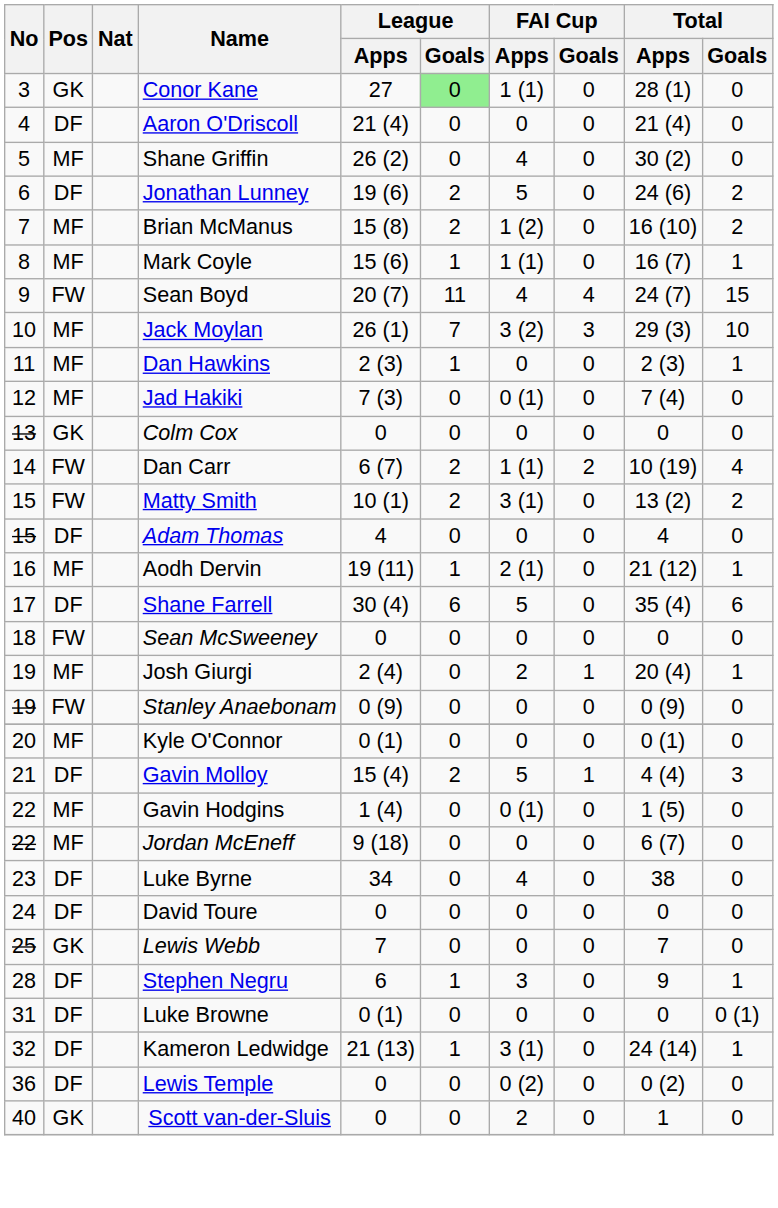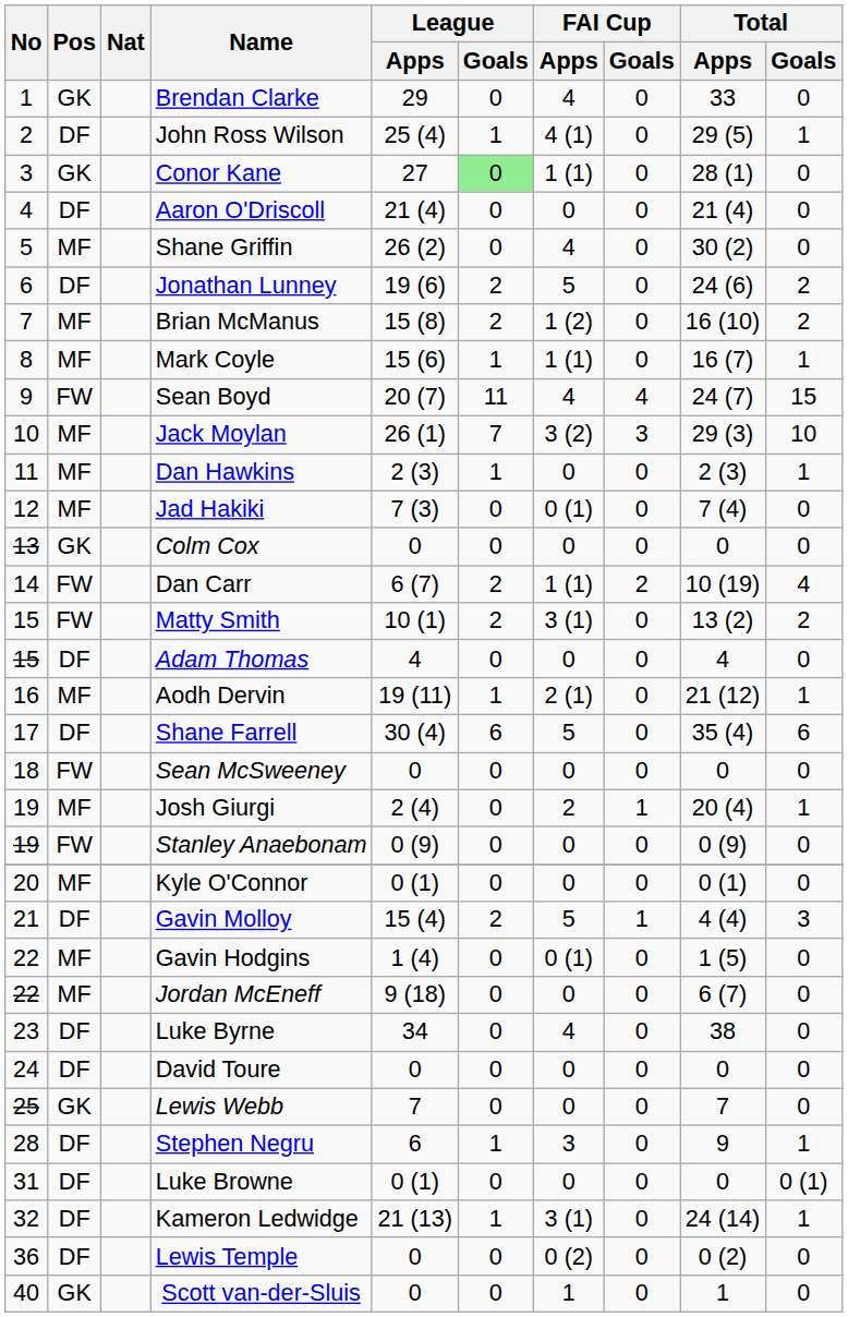 <table class="wikitable sortable" style="text-align:center">
 <tr>
 <th rowspan="2">No</th>
 <th rowspan="2">Pos</th>
 <th rowspan="2">Nat</th>
 <th rowspan="2">Name</th>
 <th colspan="2" style="width:85px;">League</th>
 <th colspan="2" style="width:85px;">FAI Cup</th>
 <th colspan="2" style="width:85px;">Total</th>
 </tr>
 <tr>
 <th>Apps</th>
 <th>Goals</th>
 <th>Apps</th>
 <th>Goals</th>
 <th>Apps</th>
 <th>Goals</th>
+</tr>
+<tr>
+<td>1</td>
+<td>GK</td>
+<td></td>
+<td style="text-align:left;"><a href='#'>Brendan Clarke</a></td>
+<td>29</td>
+<td>0</td>
+<td>4</td>
+<td>0</td>
+<td>33</td>
+<td>0</td>
+</tr>
+<tr>
+<td>2</td>
+<td>DF</td>
+<td></td>
+<td style="text-align:left;">John Ross Wilson</td>
+<td>25 (4)</td>
+<td>1</td>
+<td>4 (1)</td>
+<td>0</td>
+<td>29 (5)</td>
+<td>1</td>
 </tr>
 <tr>
 <td>3</td>
 <td>GK</td>
 <td></td>
 <td style="text-align:left;"><a href='#'>Conor Kane</a></td>
 <td>27</td>
 <td style="background: lightgreen;">0</td>
 <td>1 (1)</td>
 <td>0</td>
 <td>28 (1)</td>
 <td>0</td>
 </tr>
 <tr>
 <td>4</td>
 <td>DF</td>
 <td></td>
 <td style="text-align:left;"><a href='#'>Aaron O'Driscoll</a></td>
 <td>21 (4)</td>
 <td>0</td>
 <td>0</td>
 <td>0</td>
 <td>21 (4)</td>
 <td>0</td>
 </tr>
 <tr>
 <td>5</td>
 <td>MF</td>
 <td></td>
 <td style="text-align:left;">Shane Griffin</td>
 <td>26 (2)</td>
 <td>0</td>
 <td>4</td>
 <td>0</td>
 <td>30 (2)</td>
 <td>0</td>
 </tr>
 <tr>
 <td>6</td>
 <td>DF</td>
 <td></td>
 <td style="text-align:left;"><a href='#'>Jonathan Lunney</a></td>
 <td>19 (6)</td>
 <td>2</td>
 <td>5</td>
 <td>0</td>
 <td>24 (6)</td>
 <td>2</td>
 </tr>
 <tr>
 <td>7</td>
 <td>MF</td>
 <td></td>
 <td style="text-align:left;">Brian McManus</td>
 <td>15 (8)</td>
 <td>2</td>
 <td>1 (2)</td>
 <td>0</td>
 <td>16 (10)</td>
 <td>2</td>
 </tr>
 <tr>
 <td>8</td>
 <td>MF</td>
 <td></td>
 <td style="text-align:left;">Mark Coyle</td>
 <td>15 (6)</td>
 <td>1</td>
 <td>1 (1)</td>
 <td>0</td>
 <td>16 (7)</td>
 <td>1</td>
 </tr>
 <tr>
 <td>9</td>
 <td>FW</td>
 <td></td>
 <td style="text-align:left;">Sean Boyd</td>
 <td>20 (7)</td>
 <td>11</td>
 <td>4</td>
 <td>4</td>
 <td>24 (7)</td>
 <td>15</td>
 </tr>
 <tr>
 <td>10</td>
 <td>MF</td>
 <td></td>
 <td style="text-align:left;"><a href='#'>Jack Moylan</a></td>
 <td>26 (1)</td>
 <td>7</td>
 <td>3 (2)</td>
 <td>3</td>
 <td>29 (3)</td>
 <td>10</td>
 </tr>
 <tr>
 <td>11</td>
 <td>MF</td>
 <td></td>
 <td style="text-align:left;"><a href='#'>Dan Hawkins</a></td>
 <td>2 (3)</td>
 <td>1</td>
 <td>0</td>
 <td>0</td>
 <td>2 (3)</td>
 <td>1</td>
 </tr>
 <tr>
 <td>12</td>
 <td>MF</td>
 <td></td>
 <td style="text-align:left;"><a href='#'>Jad Hakiki</a></td>
 <td>7 (3)</td>
 <td>0</td>
 <td>0 (1)</td>
 <td>0</td>
 <td>7 (4)</td>
 <td>0</td>
 </tr>
 <tr>
 <td><s>13</s></td>
 <td>GK</td>
 <td></td>
 <td style="text-align:left;"><em>Colm Cox</em></td>
 <td>0</td>
 <td>0</td>
 <td>0</td>
 <td>0</td>
 <td>0</td>
 <td>0</td>
 </tr>
 <tr>
 <td>14</td>
 <td>FW</td>
 <td></td>
 <td style="text-align:left;">Dan Carr</td>
 <td>6 (7)</td>
 <td>2</td>
 <td>1 (1)</td>
 <td>2</td>
 <td>10 (19)</td>
 <td>4</td>
 </tr>
 <tr>
 <td>15</td>
 <td>FW</td>
 <td></td>
 <td style="text-align:left;"><a href='#'>Matty Smith</a></td>
 <td>10 (1)</td>
 <td>2</td>
 <td>3 (1)</td>
 <td>0</td>
 <td>13 (2)</td>
 <td>2</td>
 </tr>
 <tr>
 <td><s>15</s></td>
 <td>DF</td>
 <td></td>
 <td style="text-align:left;"><em><a href='#'>Adam Thomas</a></em></td>
 <td>4</td>
 <td>0</td>
 <td>0</td>
 <td>0</td>
 <td>4</td>
 <td>0</td>
 </tr>
 <tr>
 <td>16</td>
 <td>MF</td>
 <td></td>
 <td style="text-align:left;">Aodh Dervin</td>
 <td>19 (11)</td>
 <td>1</td>
 <td>2 (1)</td>
 <td>0</td>
 <td>21 (12)</td>
 <td>1</td>
 </tr>
 <tr>
 <td>17</td>
 <td>DF</td>
 <td></td>
 <td style="text-align:left;"><a href='#'>Shane Farrell</a></td>
 <td>30 (4)</td>
 <td>6</td>
 <td>5</td>
 <td>0</td>
 <td>35 (4)</td>
 <td>6</td>
 </tr>
 <tr>
 <td>18</td>
 <td>FW</td>
 <td></td>
 <td style="text-align:left;"><em>Sean McSweeney</em></td>
 <td>0</td>
 <td>0</td>
 <td>0</td>
 <td>0</td>
 <td>0</td>
 <td>0</td>
 </tr>
 <tr>
 <td>19</td>
 <td>MF</td>
 <td></td>
 <td style="text-align:left;">Josh Giurgi</td>
 <td>2 (4)</td>
 <td>0</td>
 <td>2</td>
 <td>1</td>
 <td>20 (4)</td>
 <td>1</td>
 </tr>
 <tr>
 <td><s>19</s></td>
 <td>FW</td>
 <td></td>
 <td style="text-align:left;"><em>Stanley Anaebonam</em></td>
 <td>0 (9)</td>
 <td>0</td>
 <td>0</td>
 <td>0</td>
 <td>0 (9)</td>
 <td>0</td>
 </tr>
 <tr>
 </tr>
 <tr>
 <td>20</td>
 <td>MF</td>
 <td></td>
 <td style="text-align:left;">Kyle O'Connor</td>
 <td>0 (1)</td>
 <td>0</td>
 <td>0</td>
 <td>0</td>
 <td>0 (1)</td>
 <td>0</td>
 </tr>
 <tr>
 <td>21</td>
 <td>DF</td>
 <td></td>
 <td style="text-align:left;"><a href='#'>Gavin Molloy</a></td>
 <td>15 (4)</td>
 <td>2</td>
 <td>5</td>
 <td>1</td>
 <td>4 (4)</td>
 <td>3</td>
 </tr>
 <tr>
 <td>22</td>
 <td>MF</td>
 <td></td>
 <td style="text-align:left;">Gavin Hodgins</td>
 <td>1 (4)</td>
 <td>0</td>
 <td>0 (1)</td>
 <td>0</td>
 <td>1 (5)</td>
 <td>0</td>
 </tr>
 <tr>
 <td><s>22</s></td>
 <td>MF</td>
 <td></td>
 <td style="text-align:left;"><em>Jordan McEneff</em></td>
 <td>9 (18)</td>
 <td>0</td>
 <td>0</td>
 <td>0</td>
 <td>6 (7)</td>
 <td>0</td>
 </tr>
 <tr>
 <td>23</td>
 <td>DF</td>
 <td></td>
 <td style="text-align:left;">Luke Byrne</td>
 <td>34</td>
 <td>0</td>
 <td>4</td>
 <td>0</td>
 <td>38</td>
 <td>0</td>
 </tr>
 <tr>
 <td>24</td>
 <td>DF</td>
 <td></td>
 <td style="text-align:left;">David Toure</td>
 <td>0</td>
 <td>0</td>
 <td>0</td>
 <td>0</td>
 <td>0</td>
 <td>0</td>
 </tr>
 <tr>
 <td><s>25</s></td>
 <td>GK</td>
 <td></td>
 <td style="text-align:left;"><em>Lewis Webb</em></td>
 <td>7</td>
 <td>0</td>
 <td>0</td>
 <td>0</td>
 <td>7</td>
 <td>0</td>
 </tr>
 <tr>
 <td>28</td>
 <td>DF</td>
 <td></td>
 <td style="text-align:left;"><a href='#'>Stephen Negru</a></td>
 <td>6</td>
 <td>1</td>
 <td>3</td>
 <td>0</td>
 <td>9</td>
 <td>1</td>
 </tr>
 <tr>
 <td>31</td>
 <td>DF</td>
 <td></td>
 <td style="text-align:left;">Luke Browne</td>
 <td>0 (1)</td>
 <td>0</td>
 <td>0</td>
 <td>0</td>
 <td>0</td>
 <td>0 (1)</td>
 </tr>
 <tr>
 <td>32</td>
 <td>DF</td>
 <td></td>
 <td style="text-align:left;">Kameron Ledwidge</td>
 <td>21 (13)</td>
 <td>1</td>
 <td>3 (1)</td>
 <td>0</td>
 <td>24 (14)</td>
 <td>1</td>
 </tr>
 <tr>
 <td>36</td>
 <td>DF</td>
 <td></td>
 <td style="text-align:left;"><a href='#'>Lewis Temple</a></td>
 <td>0</td>
 <td>0</td>
 <td>0 (2)</td>
 <td>0</td>
 <td>0 (2)</td>
 <td>0</td>
 </tr>
 <tr>
 <td>40</td>
 <td>GK</td>
 <td></td>
 <td style="test-align:left;"><a href='#'>Scott van-der-Sluis</a></td>
 <td>0</td>
 <td>0</td>
-<td>2</td>
+<td>1</td>
 <td>0</td>
 <td>1</td>
 <td>0</td>
 </tr>
 <tr>
 </tr>
 </table>
